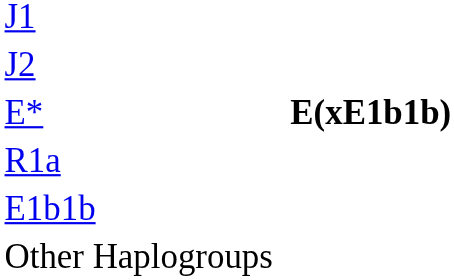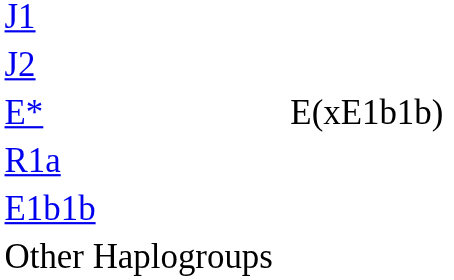 <table>
 <tr>
 <td><a href='#'>J1</a></td>
 <td></td>
 </tr>
 <tr>
 <td><a href='#'>J2</a></td>
 <td></td>
 </tr>
 <tr>
 <td><a href='#'>E*</a></td>
 <td></td>
-<td><strong>E(xE1b1b)</strong></td>
+<td>E(xE1b1b)</td>
 </tr>
 <tr>
 <td><a href='#'>R1a</a></td>
 <td></td>
 </tr>
 <tr>
 <td><a href='#'>E1b1b</a></td>
 <td></td>
 </tr>
 <tr>
 <td>Other Haplogroups</td>
 <td></td>
 </tr>
 </table>
